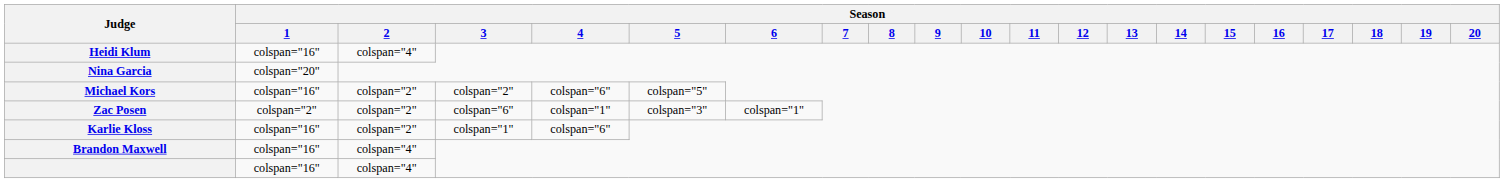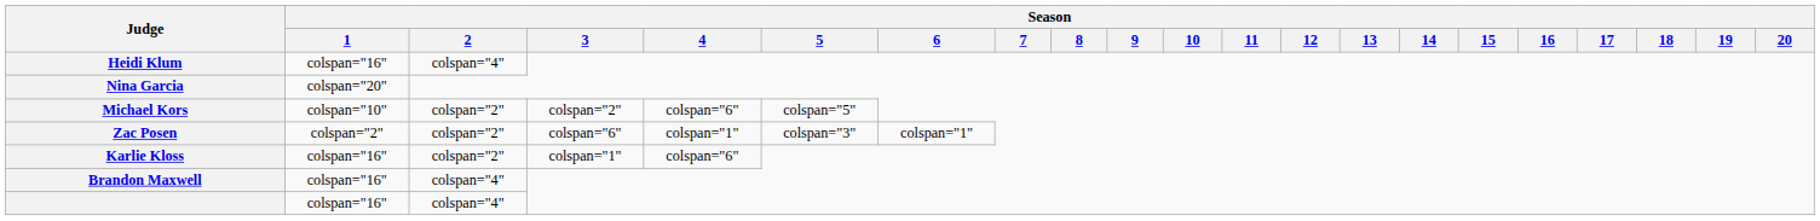 <table class="wikitable plainrowheaders" style="text-align:center">
 <tr>
 <th rowspan="2" style="width:5%;" scope="col">Judge</th>
 <th colspan="20">Season</th>
 </tr>
 <tr>
 <th style="width:1%;" scope="colspan"><a href='#'>1</a></th>
 <th style="width:1%;" scope="colspan"><a href='#'>2</a></th>
 <th style="width:1%;" scope="colspan"><a href='#'>3</a></th>
 <th style="width:1%;" scope="colspan"><a href='#'>4</a></th>
 <th style="width:1%;" scope="colspan"><a href='#'>5</a></th>
 <th style="width:1%;" scope="colspan"><a href='#'>6</a></th>
 <th style="width:1%;" scope="colspan"><a href='#'>7</a></th>
 <th style="width:1%;" scope="colspan"><a href='#'>8</a></th>
 <th style="width:1%;" scope="colspan"><a href='#'>9</a></th>
 <th style="width:1%;" scope="colspan"><a href='#'>10</a></th>
 <th style="width:1%;" scope="colspan"><a href='#'>11</a></th>
 <th style="width:1%;" scope="colspan"><a href='#'>12</a></th>
 <th style="width:1%;" scope="colspan"><a href='#'>13</a></th>
 <th style="width:1%;" scope="colspan"><a href='#'>14</a></th>
 <th style="width:1%;" scope="colspan"><a href='#'>15</a></th>
 <th style="width:1%;" scope="colspan"><a href='#'>16</a></th>
 <th style="width:1%;" scope="colspan"><a href='#'>17</a></th>
 <th style="width:1%;" scope="colspan"><a href='#'>18</a></th>
 <th style="width:1%;" scope="colspan"><a href='#'>19</a></th>
 <th style="width:1%;" scope="colspan"><a href='#'>20</a></th>
 </tr>
 <tr>
 <th scope="row"><a href='#'>Heidi Klum</a></th>
 <td>colspan="16" </td>
 <td>colspan="4" </td>
 </tr>
 <tr>
 <th scope="row"><a href='#'>Nina Garcia</a></th>
 <td>colspan="20" </td>
 </tr>
 <tr>
 <th scope="row"><a href='#'>Michael Kors</a></th>
-<td>colspan="16" </td>
+<td>colspan="10" </td>
 <td>colspan="2" </td>
 <td>colspan="2" </td>
 <td>colspan="6" </td>
 <td>colspan="5" </td>
 </tr>
 <tr>
 <th scope="row"><a href='#'>Zac Posen</a></th>
 <td>colspan="2" </td>
 <td>colspan="2" </td>
 <td>colspan="6" </td>
 <td>colspan="1" </td>
 <td>colspan="3" </td>
 <td>colspan="1" </td>
 </tr>
 <tr>
 <th scope="row"><a href='#'>Karlie Kloss</a></th>
 <td>colspan="16" </td>
 <td>colspan="2" </td>
 <td>colspan="1" </td>
 <td>colspan="6" </td>
 </tr>
 <tr>
 <th scope="row"><a href='#'>Brandon Maxwell</a></th>
 <td>colspan="16" </td>
 <td>colspan="4" </td>
 </tr>
 <tr>
 <th scope="row"></th>
 <td>colspan="16" </td>
 <td>colspan="4" </td>
 </tr>
 </table>
